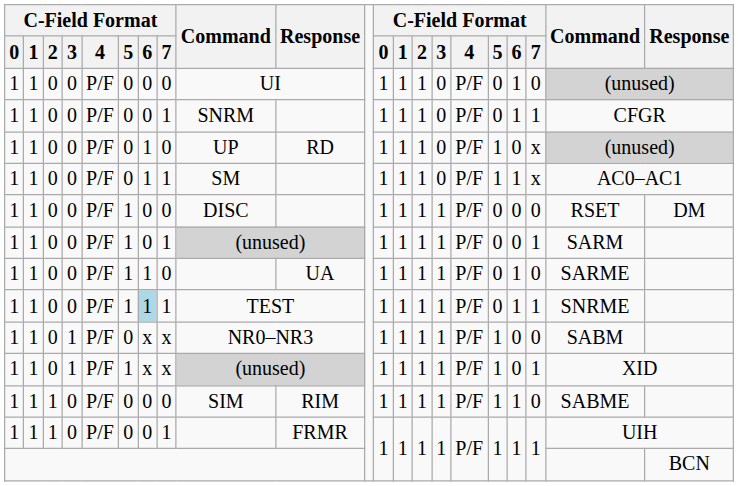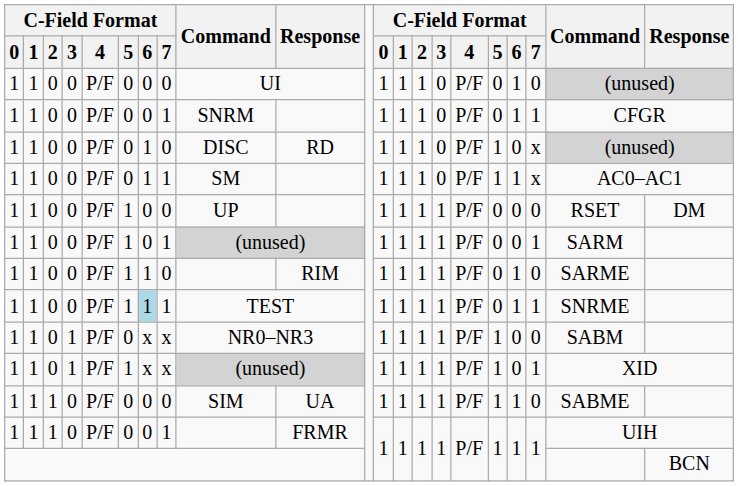 <table class="wikitable" style="text-align: center;">
 <tr>
 <th colspan=8>C-Field Format</th>
 <th rowspan=2>Command</th>
 <th rowspan=2>Response</th>
 <td rowspan=15></td>
 <th colspan=8>C-Field Format</th>
 <th rowspan=2>Command</th>
 <th rowspan=2>Response</th>
 </tr>
 <tr>
 <th>0</th>
 <th>1</th>
 <th>2</th>
 <th>3</th>
 <th>4</th>
 <th>5</th>
 <th>6</th>
 <th>7</th>
 <th>0</th>
 <th>1</th>
 <th>2</th>
 <th>3</th>
 <th>4</th>
 <th>5</th>
 <th>6</th>
 <th>7</th>
 </tr>
 <tr>
 <td>1</td>
 <td>1</td>
 <td>0</td>
 <td>0</td>
 <td>P/F</td>
 <td>0</td>
 <td>0</td>
 <td>0</td>
 <td colspan=2>UI</td>
 <td>1</td>
 <td>1</td>
 <td>1</td>
 <td>0</td>
 <td>P/F</td>
 <td>0</td>
 <td>1</td>
 <td>0</td>
 <td colspan=2 bgcolor=lightgrey>(unused)</td>
 </tr>
 <tr>
 <td>1</td>
 <td>1</td>
 <td>0</td>
 <td>0</td>
 <td>P/F</td>
 <td>0</td>
 <td>0</td>
 <td>1</td>
 <td>SNRM</td>
 <td></td>
 <td>1</td>
 <td>1</td>
 <td>1</td>
 <td>0</td>
 <td>P/F</td>
 <td>0</td>
 <td>1</td>
 <td>1</td>
 <td colspan=2>CFGR</td>
 </tr>
 <tr>
 <td>1</td>
 <td>1</td>
 <td>0</td>
 <td>0</td>
 <td>P/F</td>
 <td>0</td>
 <td>1</td>
 <td>0</td>
-<td>UP</td>
+<td>DISC</td>
 <td>RD</td>
 <td>1</td>
 <td>1</td>
 <td>1</td>
 <td>0</td>
 <td>P/F</td>
 <td>1</td>
 <td>0</td>
 <td>x</td>
 <td colspan=2 bgcolor=lightgrey>(unused)</td>
 </tr>
 <tr>
 <td>1</td>
 <td>1</td>
 <td>0</td>
 <td>0</td>
 <td>P/F</td>
 <td>0</td>
 <td>1</td>
 <td>1</td>
 <td>SM</td>
 <td></td>
 <td>1</td>
 <td>1</td>
 <td>1</td>
 <td>0</td>
 <td>P/F</td>
 <td>1</td>
 <td>1</td>
 <td>x</td>
 <td colspan=2>AC0–AC1</td>
 </tr>
 <tr>
 <td>1</td>
 <td>1</td>
 <td>0</td>
 <td>0</td>
 <td>P/F</td>
 <td>1</td>
 <td>0</td>
 <td>0</td>
-<td>DISC</td>
+<td>UP</td>
 <td></td>
 <td>1</td>
 <td>1</td>
 <td>1</td>
 <td>1</td>
 <td>P/F</td>
 <td>0</td>
 <td>0</td>
 <td>0</td>
 <td>RSET</td>
 <td>DM</td>
 </tr>
 <tr>
 <td>1</td>
 <td>1</td>
 <td>0</td>
 <td>0</td>
 <td>P/F</td>
 <td>1</td>
 <td>0</td>
 <td>1</td>
 <td colspan=2 bgcolor=lightgrey>(unused)</td>
 <td>1</td>
 <td>1</td>
 <td>1</td>
 <td>1</td>
 <td>P/F</td>
 <td>0</td>
 <td>0</td>
 <td>1</td>
 <td>SARM</td>
 <td></td>
 </tr>
 <tr>
 <td>1</td>
 <td>1</td>
 <td>0</td>
 <td>0</td>
 <td>P/F</td>
 <td>1</td>
 <td>1</td>
 <td>0</td>
 <td></td>
-<td>UA</td>
+<td>RIM</td>
 <td>1</td>
 <td>1</td>
 <td>1</td>
 <td>1</td>
 <td>P/F</td>
 <td>0</td>
 <td>1</td>
 <td>0</td>
 <td>SARME</td>
 <td></td>
 </tr>
 <tr>
 <td>1</td>
 <td>1</td>
 <td>0</td>
 <td>0</td>
 <td>P/F</td>
 <td>1</td>
 <td style="background: lightblue;">1</td>
 <td>1</td>
 <td colspan=2>TEST</td>
 <td>1</td>
 <td>1</td>
 <td>1</td>
 <td>1</td>
 <td>P/F</td>
 <td>0</td>
 <td>1</td>
 <td>1</td>
 <td>SNRME</td>
 <td></td>
 </tr>
 <tr>
 <td>1</td>
 <td>1</td>
 <td>0</td>
 <td>1</td>
 <td>P/F</td>
 <td>0</td>
 <td>x</td>
 <td>x</td>
 <td colspan=2>NR0–NR3</td>
 <td>1</td>
 <td>1</td>
 <td>1</td>
 <td>1</td>
 <td>P/F</td>
 <td>1</td>
 <td>0</td>
 <td>0</td>
 <td>SABM</td>
 <td></td>
 </tr>
 <tr>
 <td>1</td>
 <td>1</td>
 <td>0</td>
 <td>1</td>
 <td>P/F</td>
 <td>1</td>
 <td>x</td>
 <td>x</td>
 <td colspan=2 bgcolor=lightgrey>(unused)</td>
 <td>1</td>
 <td>1</td>
 <td>1</td>
 <td>1</td>
 <td>P/F</td>
 <td>1</td>
 <td>0</td>
 <td>1</td>
 <td colspan=2>XID</td>
 </tr>
 <tr>
 <td>1</td>
 <td>1</td>
 <td>1</td>
 <td>0</td>
 <td>P/F</td>
 <td>0</td>
 <td>0</td>
 <td>0</td>
 <td>SIM</td>
-<td>RIM</td>
+<td>UA</td>
 <td>1</td>
 <td>1</td>
 <td>1</td>
 <td>1</td>
 <td>P/F</td>
 <td>1</td>
 <td>1</td>
 <td>0</td>
 <td>SABME</td>
 <td></td>
 </tr>
 <tr>
 <td>1</td>
 <td>1</td>
 <td>1</td>
 <td>0</td>
 <td>P/F</td>
 <td>0</td>
 <td>0</td>
 <td>1</td>
 <td></td>
 <td>FRMR</td>
 <td rowspan=2>1</td>
 <td rowspan=2>1</td>
 <td rowspan=2>1</td>
 <td rowspan=2>1</td>
 <td rowspan=2>P/F</td>
 <td rowspan=2>1</td>
 <td rowspan=2>1</td>
 <td rowspan=2>1</td>
 <td colspan=2>UIH</td>
 </tr>
 <tr>
 <td colspan=10></td>
 <td></td>
 <td>BCN</td>
 </tr>
 </table>
